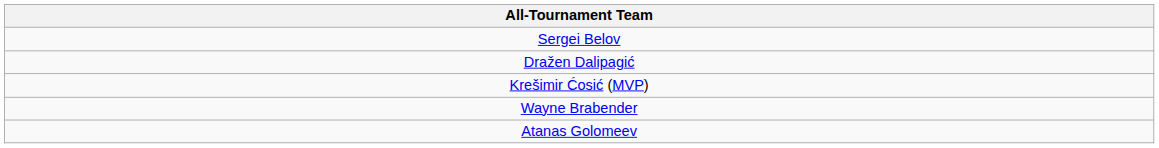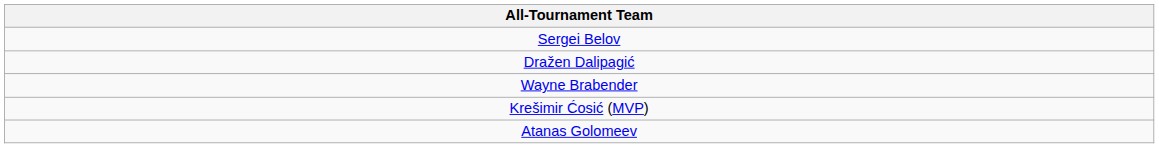 <table class="wikitable sortable" style="text-align:center; width: 100%">
 <tr>
 <th>All-Tournament Team</th>
 </tr>
 <tr>
 <td> <a href='#'>Sergei Belov</a></td>
 </tr>
 <tr>
 <td> <a href='#'>Dražen Dalipagić</a></td>
 </tr>
 <tr>
-<td> <a href='#'>Krešimir Ćosić</a> (<a href='#'>MVP</a>)</td>
+<td> <a href='#'>Wayne Brabender</a></td>
 </tr>
 <tr>
-<td> <a href='#'>Wayne Brabender</a></td>
+<td> <a href='#'>Krešimir Ćosić</a> (<a href='#'>MVP</a>)</td>
 </tr>
 <tr>
 <td> <a href='#'>Atanas Golomeev</a></td>
 </tr>
 </table>
